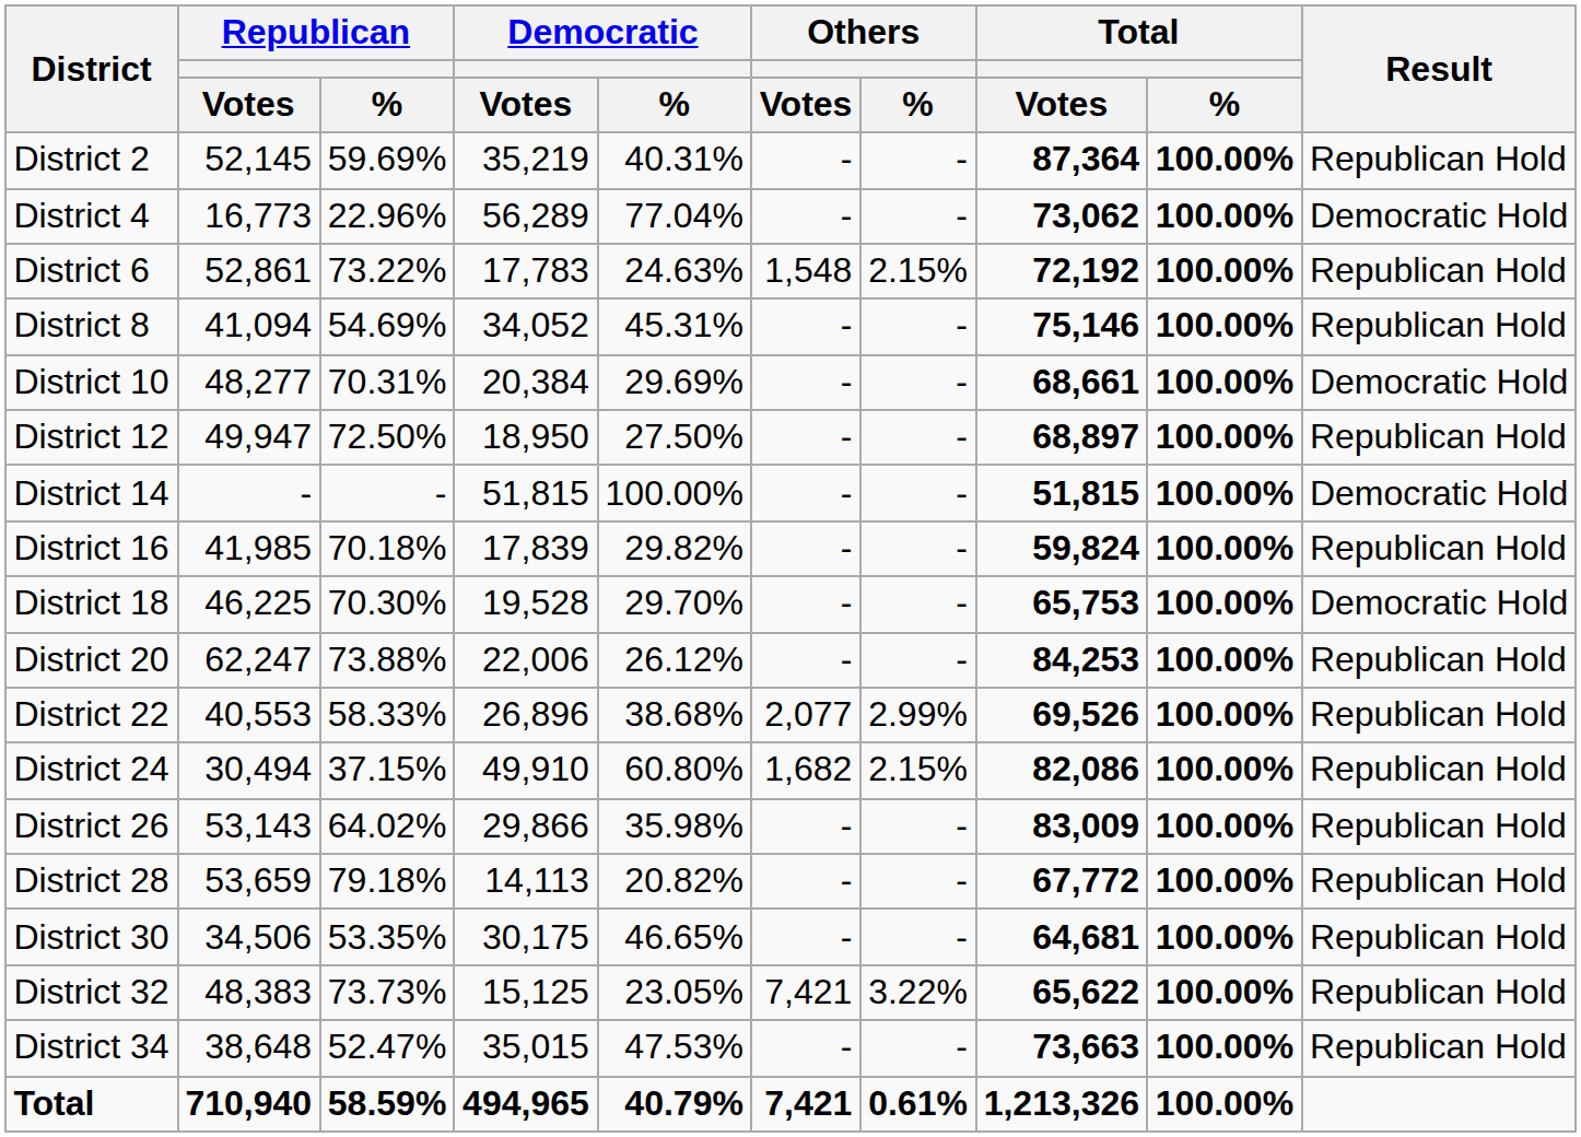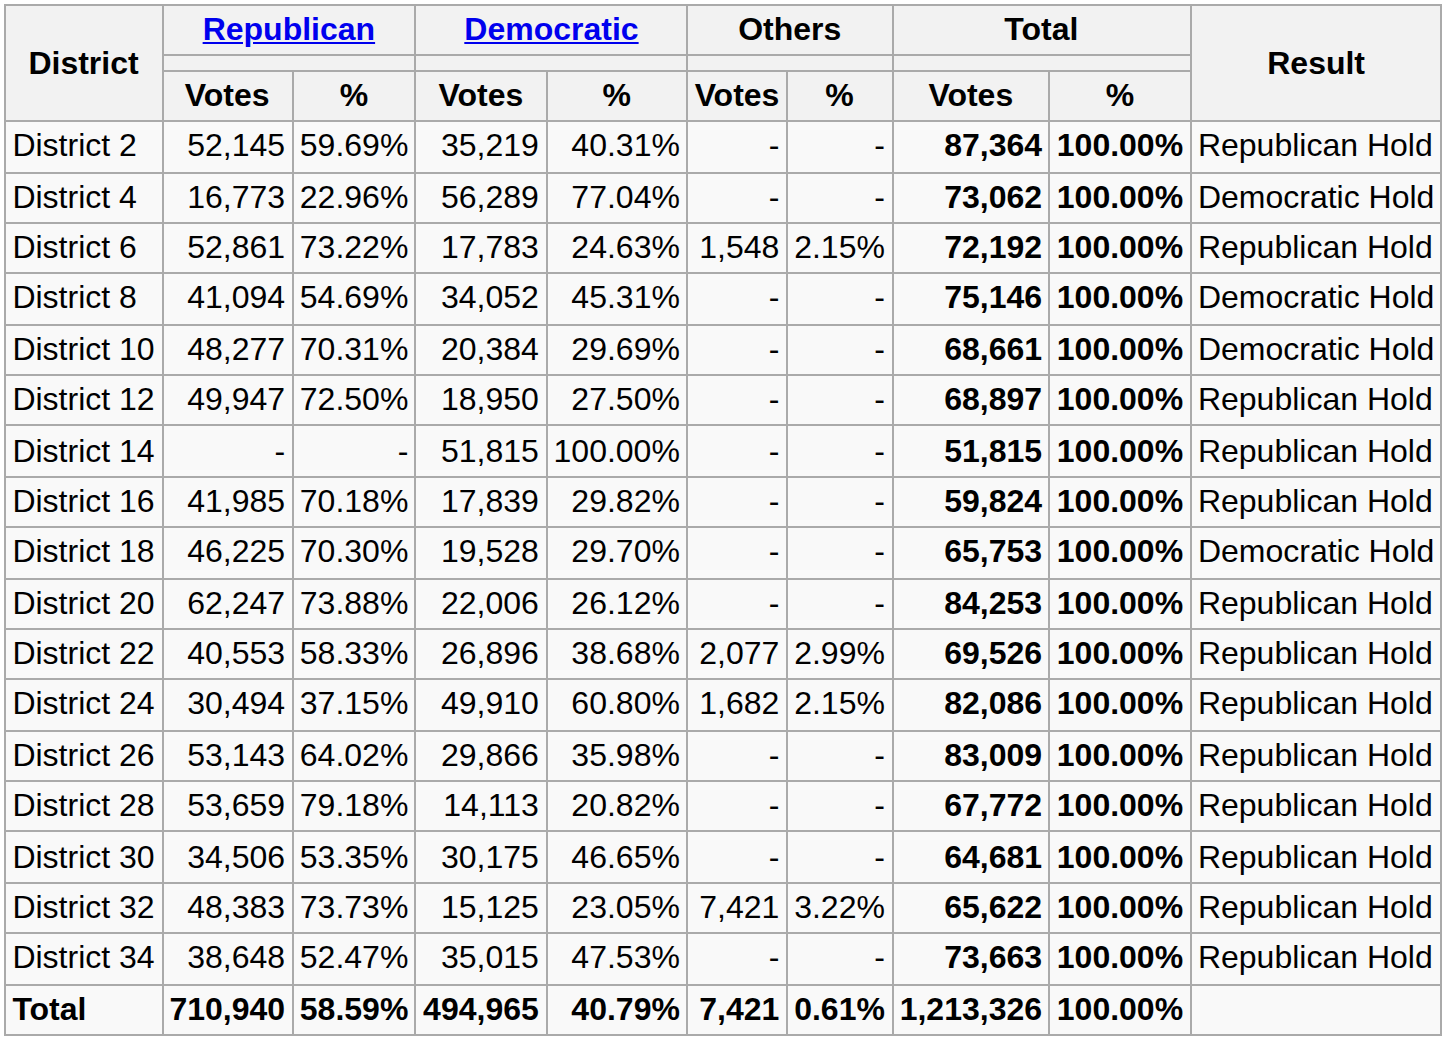 <table class="wikitable plainrowheaders sortable" style="font-size:100%; text-align:right;">
 <tr>
 <th scope=col rowspan=3>District</th>
 <th scope=col colspan=2><a href='#'>Republican</a></th>
 <th scope=col colspan=2><a href='#'>Democratic</a></th>
 <th scope=col colspan=2>Others</th>
 <th scope=col colspan=2>Total</th>
 <th scope=col rowspan=3>Result</th>
 </tr>
 <tr>
 <th scope=col colspan=2 style="background:"></th>
 <th scope=col colspan=2 style="background:"></th>
 <th scope=col colspan=2></th>
 <th scope=col colspan=2></th>
 </tr>
 <tr>
 <th scope=col data-sort-type="number">Votes</th>
 <th scope=col data-sort-type="number">%</th>
 <th scope=col data-sort-type="number">Votes</th>
 <th scope=col data-sort-type="number">%</th>
 <th scope=col data-sort-type="number">Votes</th>
 <th scope=col data-sort-type="number">%</th>
 <th scope=col data-sort-type="number">Votes</th>
 <th scope=col data-sort-type="number">%</th>
 </tr>
 <tr>
 <td align=left>District 2</td>
 <td>52,145</td>
 <td>59.69%</td>
 <td>35,219</td>
 <td>40.31%</td>
 <td>-</td>
 <td>-</td>
 <td><strong>87,364</strong></td>
 <td><strong>100.00%</strong></td>
 <td align=left>Republican Hold</td>
 </tr>
 <tr>
 <td align=left>District 4</td>
 <td>16,773</td>
 <td>22.96%</td>
 <td>56,289</td>
 <td>77.04%</td>
 <td>-</td>
 <td>-</td>
 <td><strong>73,062</strong></td>
 <td><strong>100.00%</strong></td>
 <td align=left>Democratic Hold</td>
 </tr>
 <tr>
 <td align=left>District 6</td>
 <td>52,861</td>
 <td>73.22%</td>
 <td>17,783</td>
 <td>24.63%</td>
 <td>1,548</td>
 <td>2.15%</td>
 <td><strong>72,192</strong></td>
 <td><strong>100.00%</strong></td>
 <td align=left>Republican Hold</td>
 </tr>
 <tr>
 <td align=left>District 8</td>
 <td>41,094</td>
 <td>54.69%</td>
 <td>34,052</td>
 <td>45.31%</td>
 <td>-</td>
 <td>-</td>
 <td><strong>75,146</strong></td>
 <td><strong>100.00%</strong></td>
-<td align=left>Republican Hold</td>
+<td align=left>Democratic Hold</td>
 </tr>
 <tr>
 <td align=left>District 10</td>
 <td>48,277</td>
 <td>70.31%</td>
 <td>20,384</td>
 <td>29.69%</td>
 <td>-</td>
 <td>-</td>
 <td><strong>68,661</strong></td>
 <td><strong>100.00%</strong></td>
 <td align=left>Democratic Hold</td>
 </tr>
 <tr>
 <td align=left>District 12</td>
 <td>49,947</td>
 <td>72.50%</td>
 <td>18,950</td>
 <td>27.50%</td>
 <td>-</td>
 <td>-</td>
 <td><strong>68,897</strong></td>
 <td><strong>100.00%</strong></td>
 <td align=left>Republican Hold</td>
 </tr>
 <tr>
 <td align=left>District 14</td>
 <td>-</td>
 <td>-</td>
 <td>51,815</td>
 <td>100.00%</td>
 <td>-</td>
 <td>-</td>
 <td><strong>51,815</strong></td>
 <td><strong>100.00%</strong></td>
-<td align=left>Democratic Hold</td>
+<td align=left>Republican Hold</td>
 </tr>
 <tr>
 <td align=left>District 16</td>
 <td>41,985</td>
 <td>70.18%</td>
 <td>17,839</td>
 <td>29.82%</td>
 <td>-</td>
 <td>-</td>
 <td><strong>59,824</strong></td>
 <td><strong>100.00%</strong></td>
 <td align=left>Republican Hold</td>
 </tr>
 <tr>
 <td align=left>District 18</td>
 <td>46,225</td>
 <td>70.30%</td>
 <td>19,528</td>
 <td>29.70%</td>
 <td>-</td>
 <td>-</td>
 <td><strong>65,753</strong></td>
 <td><strong>100.00%</strong></td>
 <td align=left>Democratic Hold</td>
 </tr>
 <tr>
 <td align=left>District 20</td>
 <td>62,247</td>
 <td>73.88%</td>
 <td>22,006</td>
 <td>26.12%</td>
 <td>-</td>
 <td>-</td>
 <td><strong>84,253</strong></td>
 <td><strong>100.00%</strong></td>
 <td align=left>Republican Hold</td>
 </tr>
 <tr>
 <td align=left>District 22</td>
 <td>40,553</td>
 <td>58.33%</td>
 <td>26,896</td>
 <td>38.68%</td>
 <td>2,077</td>
 <td>2.99%</td>
 <td><strong>69,526</strong></td>
 <td><strong>100.00%</strong></td>
 <td align=left>Republican Hold</td>
 </tr>
 <tr>
 <td align=left>District 24</td>
 <td>30,494</td>
 <td>37.15%</td>
 <td>49,910</td>
 <td>60.80%</td>
 <td>1,682</td>
 <td>2.15%</td>
 <td><strong>82,086</strong></td>
 <td><strong>100.00%</strong></td>
 <td align=left>Republican Hold</td>
 </tr>
 <tr>
 <td align=left>District 26</td>
 <td>53,143</td>
 <td>64.02%</td>
 <td>29,866</td>
 <td>35.98%</td>
 <td>-</td>
 <td>-</td>
 <td><strong>83,009</strong></td>
 <td><strong>100.00%</strong></td>
 <td align=left>Republican Hold</td>
 </tr>
 <tr>
 <td align=left>District 28</td>
 <td>53,659</td>
 <td>79.18%</td>
 <td>14,113</td>
 <td>20.82%</td>
 <td>-</td>
 <td>-</td>
 <td><strong>67,772</strong></td>
 <td><strong>100.00%</strong></td>
 <td align=left>Republican Hold</td>
 </tr>
 <tr>
 <td align=left>District 30</td>
 <td>34,506</td>
 <td>53.35%</td>
 <td>30,175</td>
 <td>46.65%</td>
 <td>-</td>
 <td>-</td>
 <td><strong>64,681</strong></td>
 <td><strong>100.00%</strong></td>
 <td align=left>Republican Hold</td>
 </tr>
 <tr>
 <td align=left>District 32</td>
 <td>48,383</td>
 <td>73.73%</td>
 <td>15,125</td>
 <td>23.05%</td>
 <td>7,421</td>
 <td>3.22%</td>
 <td><strong>65,622</strong></td>
 <td><strong>100.00%</strong></td>
 <td align=left>Republican Hold</td>
 </tr>
 <tr>
 <td align=left>District 34</td>
 <td>38,648</td>
 <td>52.47%</td>
 <td>35,015</td>
 <td>47.53%</td>
 <td>-</td>
 <td>-</td>
 <td><strong>73,663</strong></td>
 <td><strong>100.00%</strong></td>
 <td align=left>Republican Hold</td>
 </tr>
 <tr class="sortbottom" style="font-weight:bold">
 <td align=left>Total</td>
 <td>710,940</td>
 <td>58.59%</td>
 <td>494,965</td>
 <td>40.79%</td>
 <td>7,421</td>
 <td>0.61%</td>
 <td>1,213,326</td>
 <td>100.00%</td>
 <td></td>
 </tr>
 </table>
